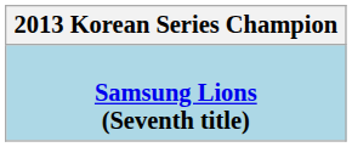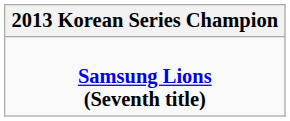 <table width="220" class="wikitable">
 <tr>
 <th><strong>2013 Korean Series Champion</strong></th>
 </tr>
 <tr align="center">
-<td style="background: lightblue;"><br><strong><a href='#'>Samsung Lions</a></strong><br><strong>(Seventh title)</strong></td>
+<td><br><strong><a href='#'>Samsung Lions</a></strong><br><strong>(Seventh title)</strong></td>
 </tr>
 </table>
